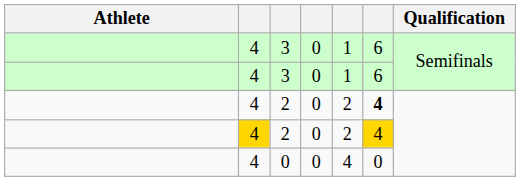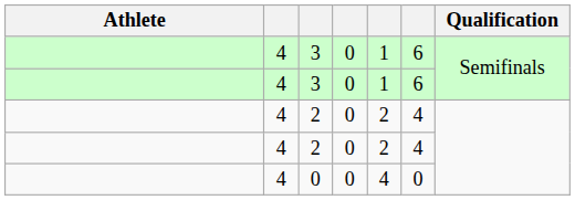 <table class="wikitable sortable" style="text-align:center">
 <tr>
 <th width=200>Athlete</th>
 <th width=20></th>
 <th width=20></th>
 <th width=20></th>
 <th width=20></th>
 <th width=20></th>
 <th width=100>Qualification</th>
 </tr>
 <tr bgcolor="#ccffcc">
 <td style="text-align:left;"></td>
 <td>4</td>
 <td>3</td>
 <td>0</td>
 <td>1</td>
 <td>6</td>
 <td rowspan="2">Semifinals</td>
 </tr>
 <tr bgcolor="#ccffcc">
 <td style="text-align:left;"></td>
 <td>4</td>
 <td>3</td>
 <td>0</td>
 <td>1</td>
 <td>6</td>
 </tr>
 <tr>
 <td style="text-align:left;"></td>
 <td>4</td>
 <td>2</td>
 <td>0</td>
 <td>2</td>
-<td><strong>4</strong></td>
+<td>4</td>
 <td rowspan="3" colspan="3" align="center" style="vertical-align:middle;"></td>
 </tr>
 <tr>
 <td style="text-align:left;"></td>
-<td style="background: gold;">4</td>
+<td>4</td>
 <td>2</td>
 <td>0</td>
 <td>2</td>
-<td style="background: gold;">4</td>
+<td>4</td>
 </tr>
 <tr>
 <td style="text-align:left;"></td>
 <td>4</td>
 <td>0</td>
 <td>0</td>
 <td>4</td>
 <td>0</td>
 </tr>
 </table>
